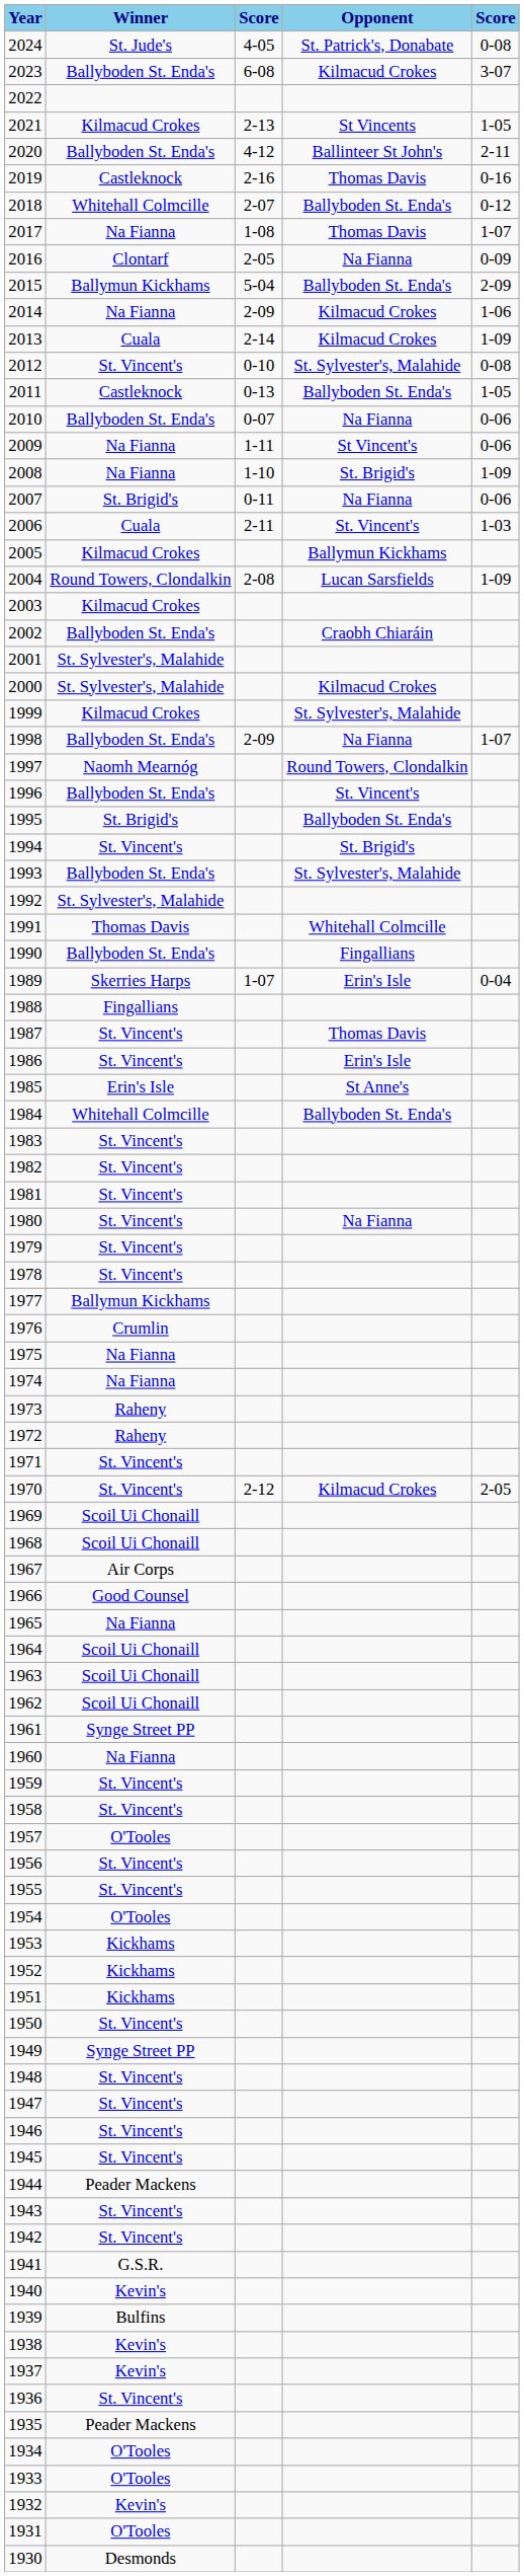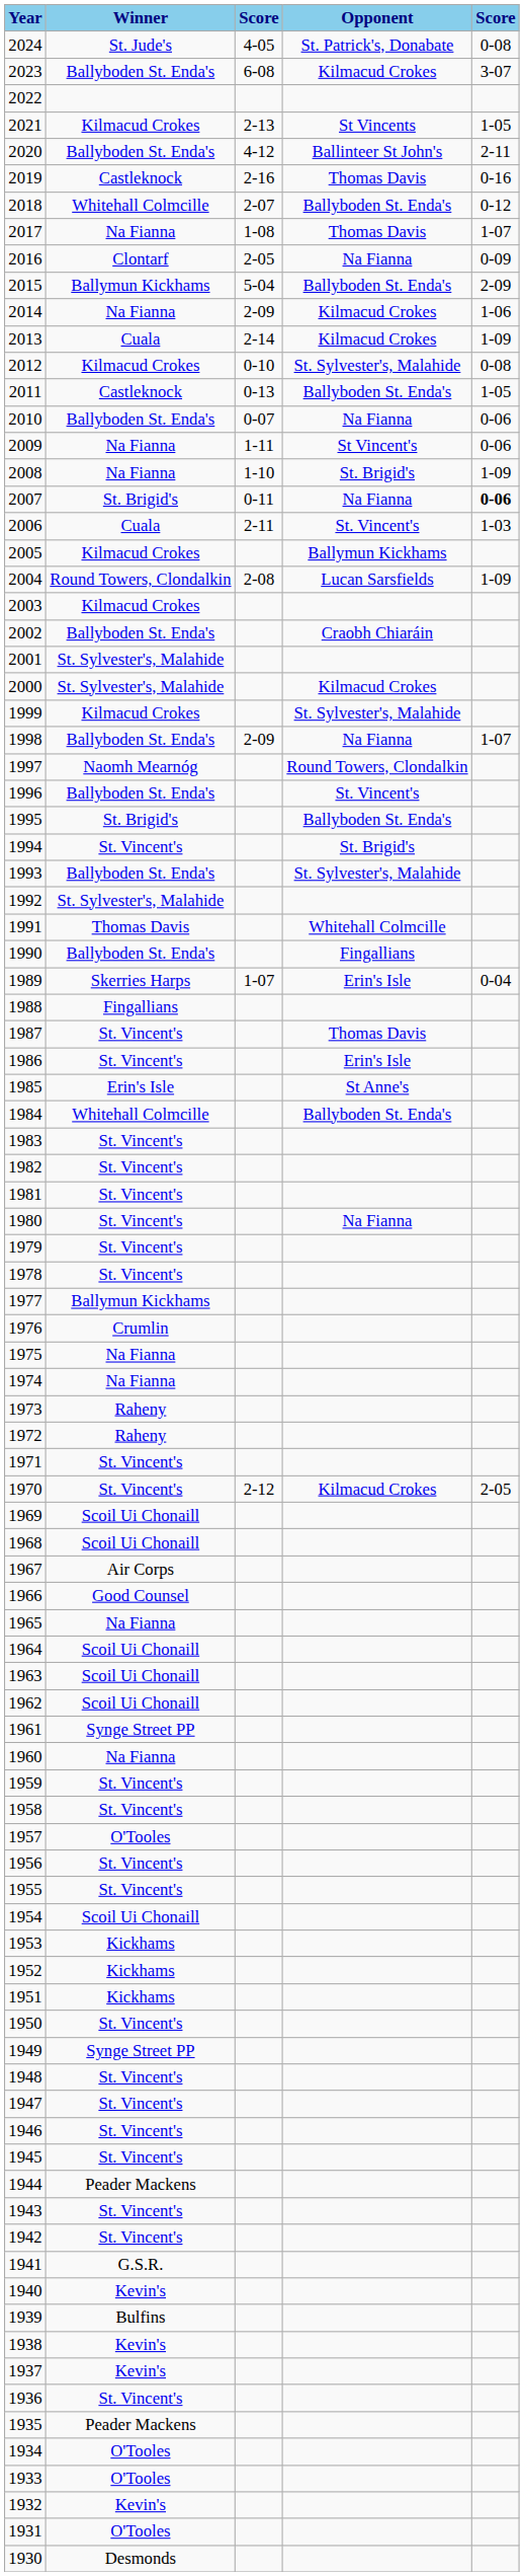 <table class="wikitable" style="text-align:center;">
 <tr>
 <th style="background:skyblue;color:navy;">Year</th>
 <th style="background:skyblue;color:navy;">Winner</th>
 <th style="background:skyblue;color:navy;">Score</th>
 <th style="background:skyblue;color:navy;">Opponent</th>
 <th style="background:skyblue;color:navy;">Score</th>
 </tr>
 <tr>
 <td>2024</td>
 <td><a href='#'>St. Jude's</a></td>
 <td>4-05</td>
 <td><a href='#'>St. Patrick's, Donabate</a></td>
 <td>0-08</td>
 </tr>
 <tr>
 <td>2023</td>
 <td><a href='#'>Ballyboden St. Enda's</a></td>
 <td>6-08</td>
 <td><a href='#'>Kilmacud Crokes</a></td>
 <td>3-07</td>
 </tr>
 <tr>
 <td>2022</td>
 <td></td>
 <td></td>
 <td></td>
 <td></td>
 </tr>
 <tr>
 <td>2021</td>
 <td><a href='#'>Kilmacud Crokes</a></td>
 <td>2-13</td>
 <td><a href='#'>St Vincents</a></td>
 <td>1-05</td>
 </tr>
 <tr>
 <td>2020</td>
 <td><a href='#'>Ballyboden St. Enda's</a></td>
 <td>4-12</td>
 <td><a href='#'>Ballinteer St John's</a></td>
 <td>2-11</td>
 </tr>
 <tr>
 <td>2019</td>
 <td><a href='#'>Castleknock</a></td>
 <td>2-16</td>
 <td><a href='#'>Thomas Davis</a></td>
 <td>0-16</td>
 </tr>
 <tr>
 <td>2018</td>
 <td><a href='#'>Whitehall Colmcille</a></td>
 <td>2-07</td>
 <td><a href='#'>Ballyboden St. Enda's</a></td>
 <td>0-12</td>
 </tr>
 <tr>
 <td>2017</td>
 <td><a href='#'>Na Fianna</a></td>
 <td>1-08</td>
 <td><a href='#'>Thomas Davis</a></td>
 <td>1-07</td>
 </tr>
 <tr>
 <td>2016</td>
 <td><a href='#'>Clontarf</a></td>
 <td>2-05</td>
 <td><a href='#'>Na Fianna</a></td>
 <td>0-09</td>
 </tr>
 <tr>
 <td>2015</td>
 <td><a href='#'>Ballymun Kickhams</a></td>
 <td>5-04</td>
 <td><a href='#'>Ballyboden St. Enda's</a></td>
 <td>2-09</td>
 </tr>
 <tr>
 <td>2014</td>
 <td><a href='#'>Na Fianna</a></td>
 <td>2-09</td>
 <td><a href='#'>Kilmacud Crokes</a></td>
 <td>1-06</td>
 </tr>
 <tr>
 <td>2013</td>
 <td><a href='#'>Cuala</a></td>
 <td>2-14</td>
 <td><a href='#'>Kilmacud Crokes</a></td>
 <td>1-09</td>
 </tr>
 <tr>
 <td>2012</td>
-<td><a href='#'>St. Vincent's</a></td>
+<td><a href='#'>Kilmacud Crokes</a></td>
 <td>0-10</td>
 <td><a href='#'>St. Sylvester's, Malahide</a></td>
 <td>0-08</td>
 </tr>
 <tr>
 <td>2011</td>
 <td><a href='#'>Castleknock</a></td>
 <td>0-13</td>
 <td><a href='#'>Ballyboden St. Enda's</a></td>
 <td>1-05</td>
 </tr>
 <tr>
 <td>2010</td>
 <td><a href='#'>Ballyboden St. Enda's</a></td>
 <td>0-07</td>
 <td><a href='#'>Na Fianna</a></td>
 <td>0-06</td>
 </tr>
 <tr>
 <td>2009</td>
 <td><a href='#'>Na Fianna</a></td>
 <td>1-11</td>
 <td><a href='#'>St Vincent's</a></td>
 <td>0-06</td>
 </tr>
 <tr>
 <td>2008</td>
 <td><a href='#'>Na Fianna</a></td>
 <td>1-10</td>
 <td><a href='#'>St. Brigid's</a></td>
 <td>1-09</td>
 </tr>
 <tr>
 <td>2007</td>
 <td><a href='#'>St. Brigid's</a></td>
 <td>0-11</td>
 <td><a href='#'>Na Fianna</a></td>
-<td>0-06</td>
+<td><strong>0-06</strong></td>
 </tr>
 <tr>
 <td>2006</td>
 <td><a href='#'>Cuala</a></td>
 <td>2-11</td>
 <td><a href='#'>St. Vincent's</a></td>
 <td>1-03</td>
 </tr>
 <tr>
 <td>2005</td>
 <td><a href='#'>Kilmacud Crokes</a></td>
 <td></td>
 <td><a href='#'>Ballymun Kickhams</a></td>
 <td></td>
 </tr>
 <tr>
 <td>2004</td>
 <td><a href='#'>Round Towers, Clondalkin</a></td>
 <td>2-08</td>
 <td><a href='#'>Lucan Sarsfields</a></td>
 <td>1-09</td>
 </tr>
 <tr>
 <td>2003</td>
 <td><a href='#'>Kilmacud Crokes</a></td>
 <td></td>
 <td></td>
 <td></td>
 </tr>
 <tr>
 <td>2002</td>
 <td><a href='#'>Ballyboden St. Enda's</a></td>
 <td></td>
 <td><a href='#'>Craobh Chiaráin</a></td>
 <td></td>
 </tr>
 <tr>
 <td>2001</td>
 <td><a href='#'>St. Sylvester's, Malahide</a></td>
 <td></td>
 <td></td>
 <td></td>
 </tr>
 <tr>
 <td>2000</td>
 <td><a href='#'>St. Sylvester's, Malahide</a></td>
 <td></td>
 <td><a href='#'>Kilmacud Crokes</a></td>
 <td></td>
 </tr>
 <tr>
 <td>1999</td>
 <td><a href='#'>Kilmacud Crokes</a></td>
 <td></td>
 <td><a href='#'>St. Sylvester's, Malahide</a></td>
 <td></td>
 </tr>
 <tr>
 <td>1998</td>
 <td><a href='#'>Ballyboden St. Enda's</a></td>
 <td>2-09</td>
 <td><a href='#'>Na Fianna</a></td>
 <td>1-07</td>
 </tr>
 <tr>
 <td>1997</td>
 <td><a href='#'>Naomh Mearnóg</a></td>
 <td></td>
 <td><a href='#'>Round Towers, Clondalkin</a></td>
 <td></td>
 </tr>
 <tr>
 <td>1996</td>
 <td><a href='#'>Ballyboden St. Enda's</a></td>
 <td></td>
 <td><a href='#'>St. Vincent's</a></td>
 <td></td>
 </tr>
 <tr>
 <td>1995</td>
 <td><a href='#'>St. Brigid's</a></td>
 <td></td>
 <td><a href='#'>Ballyboden St. Enda's</a></td>
 <td></td>
 </tr>
 <tr>
 <td>1994</td>
 <td><a href='#'>St. Vincent's</a></td>
 <td></td>
 <td><a href='#'>St. Brigid's</a></td>
 <td></td>
 </tr>
 <tr>
 <td>1993</td>
 <td><a href='#'>Ballyboden St. Enda's</a></td>
 <td></td>
 <td><a href='#'>St. Sylvester's, Malahide</a></td>
 <td></td>
 </tr>
 <tr>
 <td>1992</td>
 <td><a href='#'>St. Sylvester's, Malahide</a></td>
 <td></td>
 <td></td>
 <td></td>
 </tr>
 <tr>
 <td>1991</td>
 <td><a href='#'>Thomas Davis</a></td>
 <td></td>
 <td><a href='#'>Whitehall Colmcille</a></td>
 <td></td>
 </tr>
 <tr>
 <td>1990</td>
 <td><a href='#'>Ballyboden St. Enda's</a></td>
 <td></td>
 <td><a href='#'>Fingallians</a></td>
 <td></td>
 </tr>
 <tr>
 <td>1989</td>
 <td><a href='#'>Skerries Harps</a></td>
 <td>1-07</td>
 <td><a href='#'>Erin's Isle</a></td>
 <td>0-04</td>
 </tr>
 <tr>
 <td>1988</td>
 <td><a href='#'>Fingallians</a></td>
 <td></td>
 <td></td>
 <td></td>
 </tr>
 <tr>
 <td>1987</td>
 <td><a href='#'>St. Vincent's</a></td>
 <td></td>
 <td><a href='#'>Thomas Davis</a></td>
 <td></td>
 </tr>
 <tr>
 <td>1986</td>
 <td><a href='#'>St. Vincent's</a></td>
 <td></td>
 <td><a href='#'>Erin's Isle</a></td>
 <td></td>
 </tr>
 <tr>
 <td>1985</td>
 <td><a href='#'>Erin's Isle</a></td>
 <td></td>
 <td><a href='#'>St Anne's</a></td>
 <td></td>
 </tr>
 <tr>
 <td>1984</td>
 <td><a href='#'>Whitehall Colmcille</a></td>
 <td></td>
 <td><a href='#'>Ballyboden St. Enda's</a></td>
 <td></td>
 </tr>
 <tr>
 <td>1983</td>
 <td><a href='#'>St. Vincent's</a></td>
 <td></td>
 <td></td>
 <td></td>
 </tr>
 <tr>
 <td>1982</td>
 <td><a href='#'>St. Vincent's</a></td>
 <td></td>
 <td></td>
 <td></td>
 </tr>
 <tr>
 <td>1981</td>
 <td><a href='#'>St. Vincent's</a></td>
 <td></td>
 <td></td>
 <td></td>
 </tr>
 <tr>
 <td>1980</td>
 <td><a href='#'>St. Vincent's</a></td>
 <td></td>
 <td><a href='#'>Na Fianna</a></td>
 <td></td>
 </tr>
 <tr>
 <td>1979</td>
 <td><a href='#'>St. Vincent's</a></td>
 <td></td>
 <td></td>
 <td></td>
 </tr>
 <tr>
 <td>1978</td>
 <td><a href='#'>St. Vincent's</a></td>
 <td></td>
 <td></td>
 <td></td>
 </tr>
 <tr>
 <td>1977</td>
 <td><a href='#'>Ballymun Kickhams</a></td>
 <td></td>
 <td></td>
 <td></td>
 </tr>
 <tr>
 <td>1976</td>
 <td><a href='#'>Crumlin</a></td>
 <td></td>
 <td></td>
 <td></td>
 </tr>
 <tr>
 <td>1975</td>
 <td><a href='#'>Na Fianna</a></td>
 <td></td>
 <td></td>
 <td></td>
 </tr>
 <tr>
 <td>1974</td>
 <td><a href='#'>Na Fianna</a></td>
 <td></td>
 <td></td>
 <td></td>
 </tr>
 <tr>
 <td>1973</td>
 <td><a href='#'>Raheny</a></td>
 <td></td>
 <td></td>
 <td></td>
 </tr>
 <tr>
 <td>1972</td>
 <td><a href='#'>Raheny</a></td>
 <td></td>
 <td></td>
 <td></td>
 </tr>
 <tr>
 <td>1971</td>
 <td><a href='#'>St. Vincent's</a></td>
 <td></td>
 <td></td>
 <td></td>
 </tr>
 <tr>
 <td>1970</td>
 <td><a href='#'>St. Vincent's</a></td>
 <td>2-12</td>
 <td><a href='#'>Kilmacud Crokes</a></td>
 <td>2-05</td>
 </tr>
 <tr>
 <td>1969</td>
 <td><a href='#'>Scoil Ui Chonaill</a></td>
 <td></td>
 <td></td>
 <td></td>
 </tr>
 <tr>
 <td>1968</td>
 <td><a href='#'>Scoil Ui Chonaill</a></td>
 <td></td>
 <td></td>
 <td></td>
 </tr>
 <tr>
 <td>1967</td>
 <td>Air Corps</td>
 <td></td>
 <td></td>
 <td></td>
 </tr>
 <tr>
 <td>1966</td>
 <td><a href='#'>Good Counsel</a></td>
 <td></td>
 <td></td>
 <td></td>
 </tr>
 <tr>
 <td>1965</td>
 <td><a href='#'>Na Fianna</a></td>
 <td></td>
 <td></td>
 <td></td>
 </tr>
 <tr>
 <td>1964</td>
 <td><a href='#'>Scoil Ui Chonaill</a></td>
 <td></td>
 <td></td>
 <td></td>
 </tr>
 <tr>
 <td>1963</td>
 <td><a href='#'>Scoil Ui Chonaill</a></td>
 <td></td>
 <td></td>
 <td></td>
 </tr>
 <tr>
 <td>1962</td>
 <td><a href='#'>Scoil Ui Chonaill</a></td>
 <td></td>
 <td></td>
 <td></td>
 </tr>
 <tr>
 <td>1961</td>
 <td><a href='#'>Synge Street PP</a></td>
 <td></td>
 <td></td>
 <td></td>
 </tr>
 <tr>
 <td>1960</td>
 <td><a href='#'>Na Fianna</a></td>
 <td></td>
 <td></td>
 <td></td>
 </tr>
 <tr>
 <td>1959</td>
 <td><a href='#'>St. Vincent's</a></td>
 <td></td>
 <td></td>
 <td></td>
 </tr>
 <tr>
 <td>1958</td>
 <td><a href='#'>St. Vincent's</a></td>
 <td></td>
 <td></td>
 <td></td>
 </tr>
 <tr>
 <td>1957</td>
 <td><a href='#'>O'Tooles</a></td>
 <td></td>
 <td></td>
 <td></td>
 </tr>
 <tr>
 <td>1956</td>
 <td><a href='#'>St. Vincent's</a></td>
 <td></td>
 <td></td>
 <td></td>
 </tr>
 <tr>
 <td>1955</td>
 <td><a href='#'>St. Vincent's</a></td>
 <td></td>
 <td></td>
 <td></td>
 </tr>
 <tr>
 <td>1954</td>
-<td><a href='#'>O'Tooles</a></td>
+<td><a href='#'>Scoil Ui Chonaill</a></td>
 <td></td>
 <td></td>
 <td></td>
 </tr>
 <tr>
 <td>1953</td>
 <td><a href='#'>Kickhams</a></td>
 <td></td>
 <td></td>
 <td></td>
 </tr>
 <tr>
 <td>1952</td>
 <td><a href='#'>Kickhams</a></td>
 <td></td>
 <td></td>
 <td></td>
 </tr>
 <tr>
 <td>1951</td>
 <td><a href='#'>Kickhams</a></td>
 <td></td>
 <td></td>
 <td></td>
 </tr>
 <tr>
 <td>1950</td>
 <td><a href='#'>St. Vincent's</a></td>
 <td></td>
 <td></td>
 <td></td>
 </tr>
 <tr>
 <td>1949</td>
 <td><a href='#'>Synge Street PP</a></td>
 <td></td>
 <td></td>
 <td></td>
 </tr>
 <tr>
 <td>1948</td>
 <td><a href='#'>St. Vincent's</a></td>
 <td></td>
 <td></td>
 <td></td>
 </tr>
 <tr>
 <td>1947</td>
 <td><a href='#'>St. Vincent's</a></td>
 <td></td>
 <td></td>
 <td></td>
 </tr>
 <tr>
 <td>1946</td>
 <td><a href='#'>St. Vincent's</a></td>
 <td></td>
 <td></td>
 <td></td>
 </tr>
 <tr>
 <td>1945</td>
 <td><a href='#'>St. Vincent's</a></td>
 <td></td>
 <td></td>
 <td></td>
 </tr>
 <tr>
 <td>1944</td>
 <td>Peader Mackens</td>
 <td></td>
 <td></td>
 <td></td>
 </tr>
 <tr>
 <td>1943</td>
 <td><a href='#'>St. Vincent's</a></td>
 <td></td>
 <td></td>
 <td></td>
 </tr>
 <tr>
 <td>1942</td>
 <td><a href='#'>St. Vincent's</a></td>
 <td></td>
 <td></td>
 <td></td>
 </tr>
 <tr>
 <td>1941</td>
 <td>G.S.R.</td>
 <td></td>
 <td></td>
 <td></td>
 </tr>
 <tr>
 <td>1940</td>
 <td><a href='#'>Kevin's</a></td>
 <td></td>
 <td></td>
 <td></td>
 </tr>
 <tr>
 <td>1939</td>
 <td>Bulfins</td>
 <td></td>
 <td></td>
 <td></td>
 </tr>
 <tr>
 <td>1938</td>
 <td><a href='#'>Kevin's</a></td>
 <td></td>
 <td></td>
 <td></td>
 </tr>
 <tr>
 <td>1937</td>
 <td><a href='#'>Kevin's</a></td>
 <td></td>
 <td></td>
 <td></td>
 </tr>
 <tr>
 <td>1936</td>
 <td><a href='#'>St. Vincent's</a></td>
 <td></td>
 <td></td>
 <td></td>
 </tr>
 <tr>
 <td>1935</td>
 <td>Peader Mackens</td>
 <td></td>
 <td></td>
 <td></td>
 </tr>
 <tr>
 <td>1934</td>
 <td><a href='#'>O'Tooles</a></td>
 <td></td>
 <td></td>
 <td></td>
 </tr>
 <tr>
 <td>1933</td>
 <td><a href='#'>O'Tooles</a></td>
 <td></td>
 <td></td>
 <td></td>
 </tr>
 <tr>
 <td>1932</td>
 <td><a href='#'>Kevin's</a></td>
 <td></td>
 <td></td>
 <td></td>
 </tr>
 <tr>
 <td>1931</td>
 <td><a href='#'>O'Tooles</a></td>
 <td></td>
 <td></td>
 <td></td>
 </tr>
 <tr>
 <td>1930</td>
 <td>Desmonds</td>
 <td></td>
 <td></td>
 <td></td>
 </tr>
 </table>
